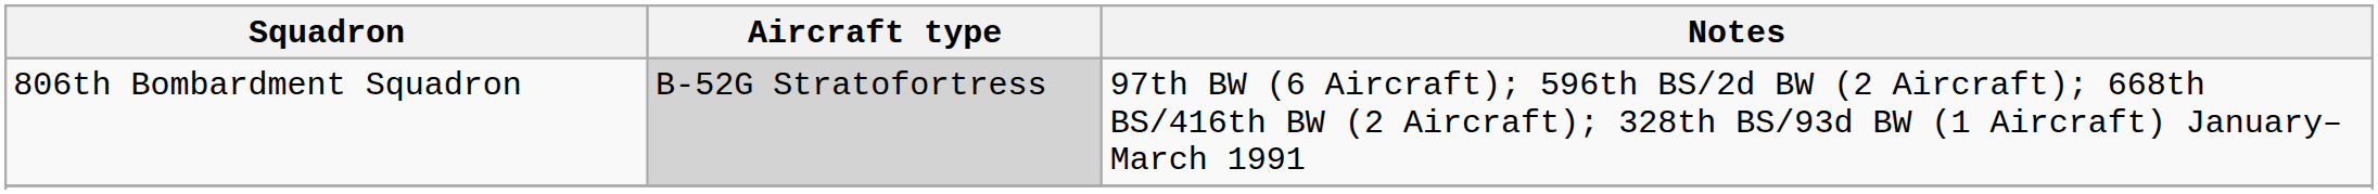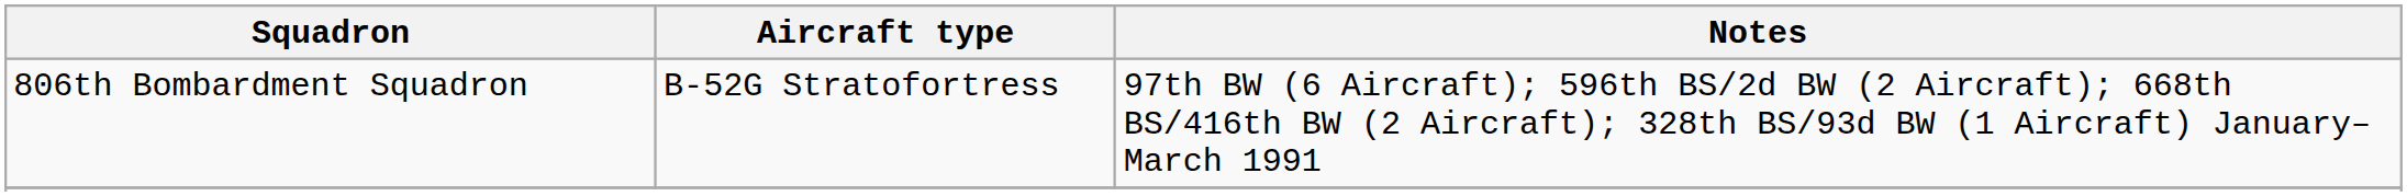 <table class="wikitable">
 <tr>
 <th scope="col" width="250">Squadron</th>
 <th scope="col" width="175">Aircraft type</th>
 <th scope="col" width="500">Notes</th>
 </tr>
 <tr valign="top">
 <td>806th Bombardment Squadron</td>
-<td style="background: lightgrey;">B-52G Stratofortress</td>
+<td>B-52G Stratofortress</td>
 <td>97th BW (6 Aircraft); 596th BS/2d BW (2 Aircraft); 668th BS/416th BW (2 Aircraft); 328th BS/93d BW (1 Aircraft) January–March 1991</td>
 </tr>
 <tr>
 </tr>
 <tr>
 </tr>
 </table>
